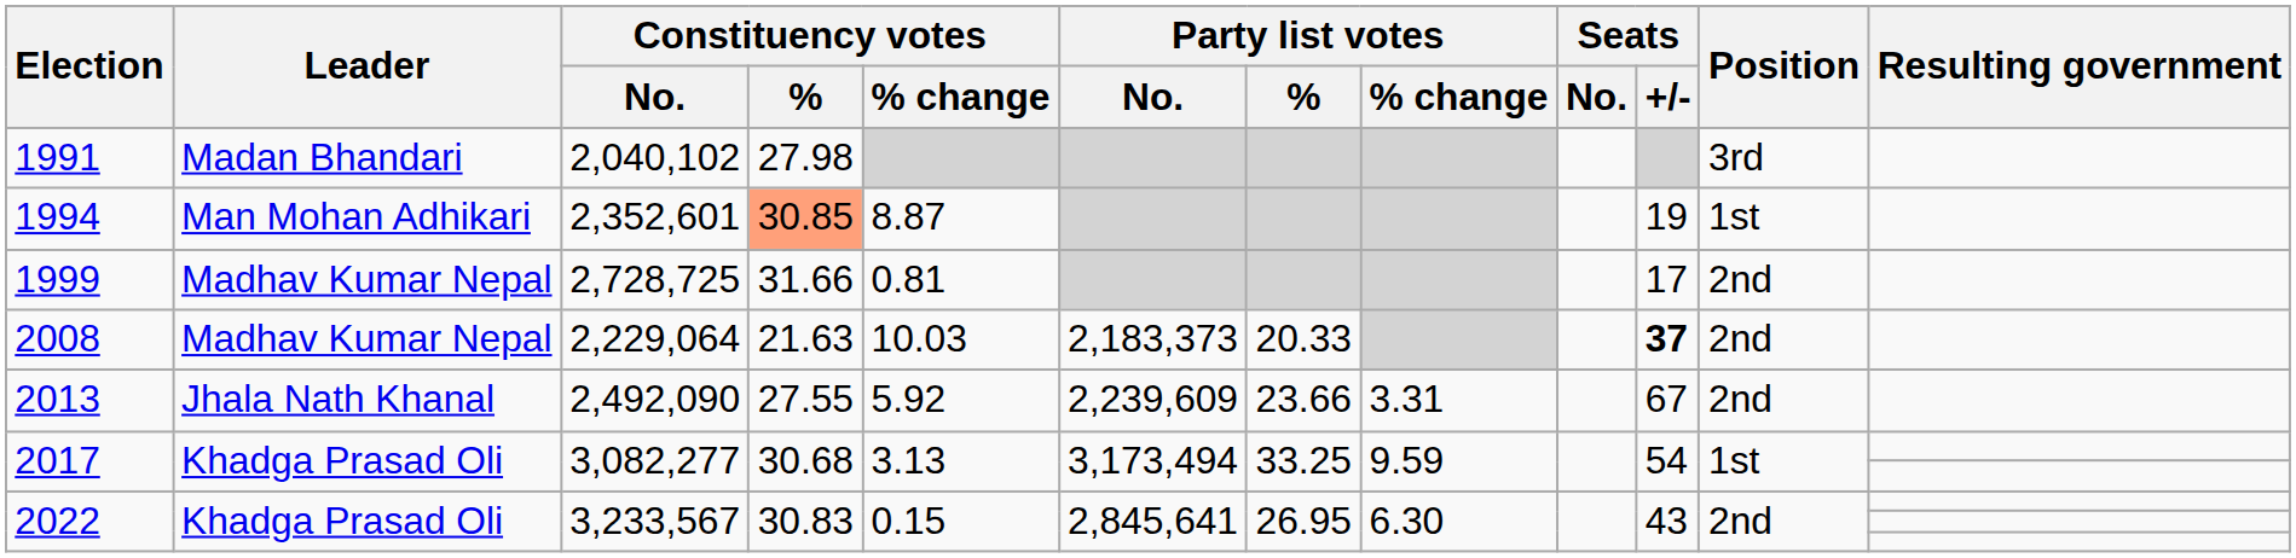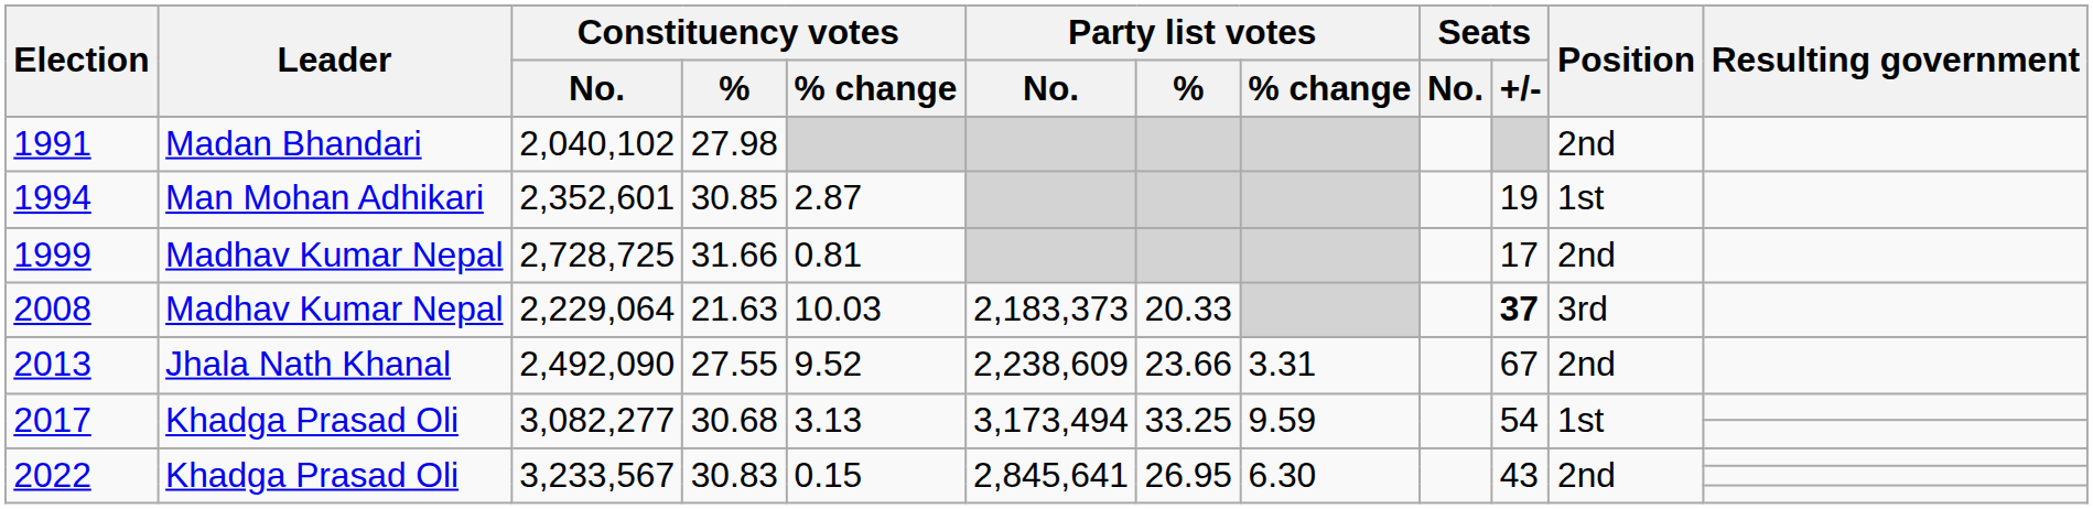 <table class="wikitable">
 <tr>
 <th rowspan="2" style="background-color:">Election</th>
 <th rowspan="2" style="background-color:">Leader</th>
 <th colspan="3" style="background-color:">Constituency votes</th>
 <th colspan="3" style="background-color:">Party list votes</th>
 <th colspan="2" style="background-color:">Seats</th>
 <th rowspan="2" style="background-color:">Position</th>
 <th rowspan="2" style="background-color:">Resulting government</th>
 </tr>
 <tr>
 <th style="background-color:">No.</th>
 <th style="background-color:">%</th>
 <th style="background-color:">% change</th>
 <th style="background-color:">No.</th>
 <th style="background-color:">%</th>
 <th style="background-color:">% change</th>
 <th style="background-color:">No.</th>
 <th style="background-color:">+/-</th>
 </tr>
 <tr>
 <td><a href='#'>1991</a></td>
 <td><a href='#'>Madan Bhandari</a></td>
 <td>2,040,102</td>
 <td>27.98</td>
 <td bgcolor="lightgrey"></td>
 <td bgcolor="lightgrey"></td>
 <td bgcolor="lightgrey"></td>
 <td bgcolor="lightgrey"></td>
 <td style="text-align:center;"></td>
 <td bgcolor="lightgrey"></td>
-<td> 3rd</td>
+<td>2nd</td>
 <td></td>
 </tr>
 <tr>
 <td><a href='#'>1994</a></td>
 <td><a href='#'>Man Mohan Adhikari</a></td>
 <td>2,352,601</td>
-<td style="background: lightsalmon;">30.85</td>
-<td> 8.87</td>
+<td>30.85</td>
+<td> 2.87</td>
 <td bgcolor="lightgrey"></td>
 <td bgcolor="lightgrey"></td>
 <td bgcolor="lightgrey"></td>
 <td style="text-align:center;"></td>
 <td> 19</td>
 <td> 1st</td>
 <td></td>
 </tr>
 <tr>
 <td><a href='#'>1999</a></td>
 <td><a href='#'>Madhav Kumar Nepal</a></td>
 <td>2,728,725</td>
 <td>31.66</td>
 <td> 0.81</td>
 <td bgcolor="lightgrey"></td>
 <td bgcolor="lightgrey"></td>
 <td bgcolor="lightgrey"></td>
 <td style="text-align:center;"></td>
 <td> 17</td>
 <td> 2nd</td>
 <td></td>
 </tr>
 <tr>
 <td><a href='#'>2008</a></td>
 <td><a href='#'>Madhav Kumar Nepal</a></td>
 <td>2,229,064</td>
 <td>21.63</td>
 <td> 10.03</td>
 <td>2,183,373</td>
 <td>20.33</td>
 <td bgcolor="lightgrey"></td>
 <td style="text-align:center;"></td>
 <td><strong> 37</strong></td>
-<td>2nd</td>
+<td> 3rd</td>
 <td></td>
 </tr>
 <tr>
 <td><a href='#'>2013</a></td>
 <td><a href='#'>Jhala Nath Khanal</a></td>
 <td>2,492,090</td>
 <td>27.55</td>
-<td> 5.92</td>
-<td>2,239,609</td>
+<td> 9.52</td>
+<td>2,238,609</td>
 <td>23.66</td>
 <td> 3.31</td>
 <td style="text-align:center;"></td>
 <td> 67</td>
 <td> 2nd</td>
 <td></td>
 </tr>
 <tr>
 <td rowspan="2"><a href='#'>2017</a></td>
 <td rowspan="2"><a href='#'>Khadga Prasad Oli</a></td>
 <td rowspan="2">3,082,277</td>
 <td rowspan="2">30.68</td>
 <td rowspan="2"> 3.13</td>
 <td rowspan="2">3,173,494</td>
 <td rowspan="2">33.25</td>
 <td rowspan="2"> 9.59</td>
 <td rowspan="2" style="text-align:center;"></td>
 <td rowspan="2"> 54</td>
 <td rowspan="2"> 1st</td>
 <td></td>
 </tr>
 <tr>
 <td></td>
 </tr>
 <tr>
 <td rowspan="3"><a href='#'>2022</a></td>
 <td rowspan="3"><a href='#'>Khadga Prasad Oli</a></td>
 <td rowspan="3">3,233,567</td>
 <td rowspan="3">30.83</td>
 <td rowspan="3"> 0.15</td>
 <td rowspan="3">2,845,641</td>
 <td rowspan="3">26.95</td>
 <td rowspan="3"> 6.30</td>
 <td rowspan="3" style="text-align:center;"></td>
 <td rowspan="3"> 43</td>
 <td rowspan="3"> 2nd</td>
 <td></td>
 </tr>
 <tr>
 <td></td>
 </tr>
 <tr>
 <td></td>
 </tr>
 </table>
